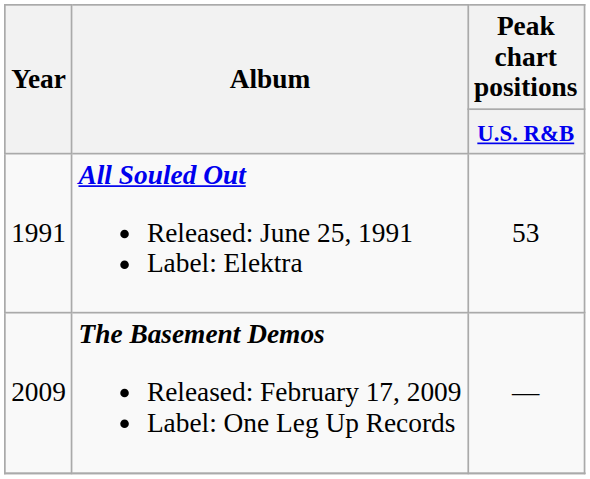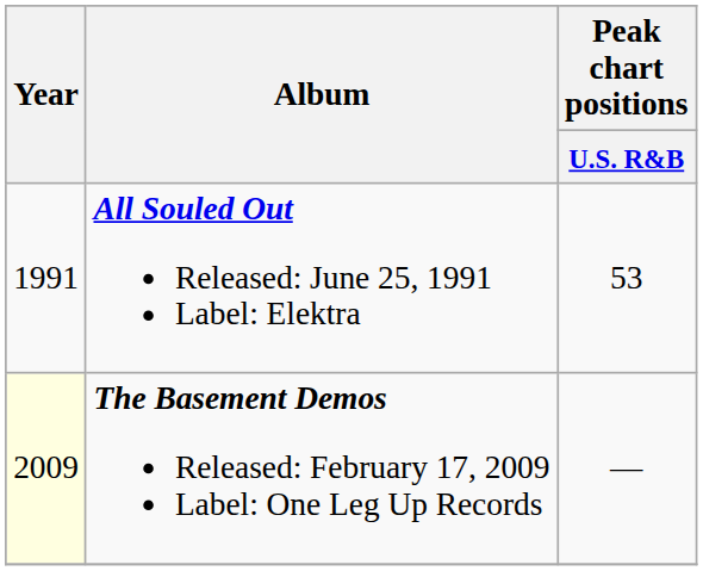 <table class="wikitable">
 <tr>
 <th rowspan="2">Year</th>
 <th rowspan="2">Album</th>
 <th colspan="1">Peak chart positions</th>
 </tr>
 <tr>
 <th width=40><small><a href='#'>U.S. R&B</a></small></th>
 </tr>
 <tr>
 <td>1991</td>
 <td><strong><em><a href='#'>All Souled Out</a></em></strong><br><ul><li>Released: June 25, 1991</li><li>Label: Elektra</li></ul></td>
 <td style="text-align:center;">53</td>
 </tr>
 <tr>
-<td>2009</td>
+<td style="background: lightyellow;">2009</td>
 <td><strong><em>The Basement Demos</em></strong><br><ul><li>Released: February 17, 2009</li><li>Label: One Leg Up Records</li></ul></td>
 <td style="text-align:center;">—</td>
 </tr>
 <tr>
 </tr>
 </table>
